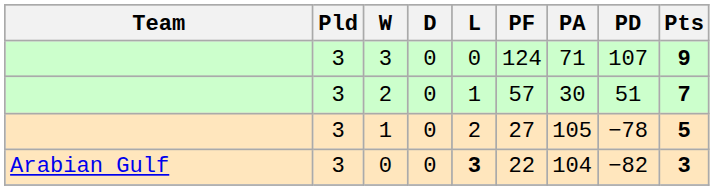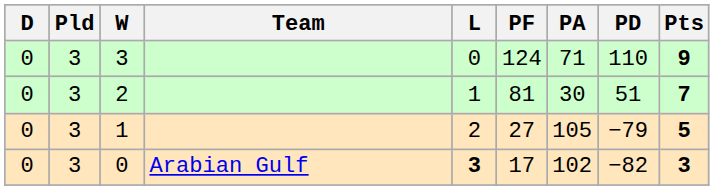 <table class="wikitable" style="text-align:center;">
 <tr>
-<th width=175>Team</th>
+<th width=20 abbr="Drawn">D</th>
 <th width=20 abbr="Played">Pld</th>
 <th width=20 abbr="Won">W</th>
-<th width=20 abbr="Drawn">D</th>
+<th width=175>Team</th>
 <th width=20 abbr="Lost">L</th>
 <th width=20 abbr="Points for">PF</th>
 <th width=20 abbr="Points against">PA</th>
 <th width=30 abbr="Points difference">PD</th>
 <th width=20 abbr="Points">Pts</th>
 </tr>
 <tr bgcolor=ccffcc>
-<td align=left></td>
+<td>0</td>
 <td>3</td>
 <td>3</td>
-<td>0</td>
+<td align=left></td>
 <td>0</td>
 <td>124</td>
 <td>71</td>
-<td>107</td>
+<td>110</td>
 <td><strong> 9 </strong></td>
 </tr>
 <tr bgcolor=ccffcc>
-<td align=left></td>
+<td>0</td>
 <td>3</td>
 <td>2</td>
-<td>0</td>
+<td align=left></td>
 <td>1</td>
-<td>57</td>
+<td>81</td>
 <td>30</td>
 <td>51</td>
 <td><strong> 7 </strong></td>
 </tr>
 <tr bgcolor=ffe6bd>
-<td align=left></td>
+<td>0</td>
 <td>3</td>
 <td>1</td>
-<td>0</td>
+<td align=left></td>
 <td>2</td>
 <td>27</td>
 <td>105</td>
-<td>−78</td>
+<td>−79</td>
 <td><strong> 5 </strong></td>
 </tr>
 <tr bgcolor=ffe6bd>
-<td align=left> <a href='#'>Arabian Gulf</a></td>
+<td>0</td>
 <td>3</td>
 <td>0</td>
-<td>0</td>
+<td align=left> <a href='#'>Arabian Gulf</a></td>
 <td><strong>3</strong></td>
-<td>22</td>
-<td>104</td>
+<td>17</td>
+<td>102</td>
 <td>−82</td>
 <td><strong> 3 </strong></td>
 </tr>
 </table>
